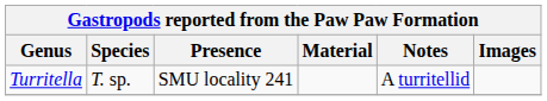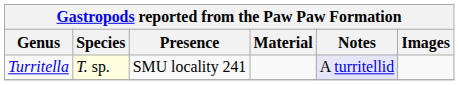 <table class="wikitable" align="center">
 <tr>
 <th colspan="6" align="center"><strong><a href='#'>Gastropods</a> reported from the Paw Paw Formation</strong></th>
 </tr>
 <tr>
 <th>Genus</th>
 <th>Species</th>
 <th>Presence</th>
 <th><strong>Material</strong></th>
 <th>Notes</th>
 <th>Images</th>
 </tr>
 <tr>
 <td><em><a href='#'>Turritella</a></em></td>
-<td><em>T.</em> sp.</td>
+<td style="background: lightyellow;"><em>T.</em> sp.</td>
 <td>SMU locality 241</td>
 <td></td>
-<td>A <a href='#'>turritellid</a></td>
+<td style="background: lavender;">A <a href='#'>turritellid</a></td>
 <td></td>
 </tr>
 <tr>
 </tr>
 </table>
